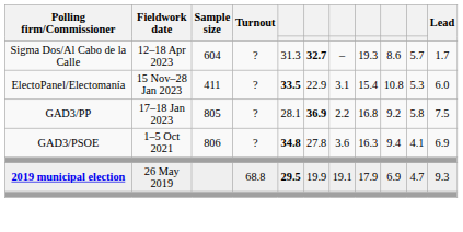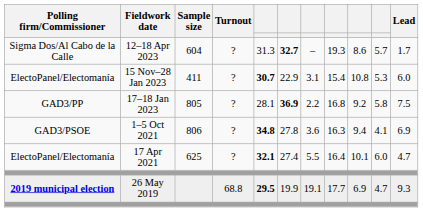 <table class="wikitable collapsible collapsed" style="text-align:center; font-size:95%; line-height:16px;">
 <tr style="height:42px;">
 <th style="width:250px;" rowspan="2">Polling firm/Commissioner</th>
 <th style="width:125px;" rowspan="2">Fieldwork date</th>
 <th style="width:50px;" rowspan="2">Sample size</th>
 <th style="width:45px;" rowspan="2">Turnout</th>
 <th style="width:35px;"></th>
 <th style="width:35px;"></th>
 <th style="width:35px;"></th>
 <th style="width:35px;"></th>
 <th style="width:35px;"></th>
 <th style="width:35px;"></th>
 <th style="width:30px;" rowspan="2">Lead</th>
 </tr>
 <tr>
 <th style="color:inherit;background:"></th>
 <th style="color:inherit;background:"></th>
 <th style="color:inherit;background:"></th>
 <th style="color:inherit;background:"></th>
 <th style="color:inherit;background:"></th>
 <th style="color:inherit;background:"></th>
 </tr>
 <tr>
 <td>Sigma Dos/Al Cabo de la Calle</td>
 <td>12–18 Apr 2023</td>
 <td>604</td>
 <td>?</td>
 <td>31.3<br></td>
 <td><strong>32.7</strong><br></td>
 <td>–</td>
 <td>19.3<br></td>
 <td>8.6<br></td>
 <td>5.7<br></td>
 <td style="background:">1.7</td>
 </tr>
 <tr>
 <td>ElectoPanel/Electomanía</td>
 <td>15 Nov–28 Jan 2023</td>
 <td>411</td>
 <td>?</td>
-<td><strong>33.5</strong><br></td>
+<td><strong>30.7</strong><br></td>
 <td>22.9<br></td>
 <td>3.1<br></td>
 <td>15.4<br></td>
 <td>10.8<br></td>
 <td>5.3<br></td>
 <td style="background:">6.0</td>
 </tr>
 <tr>
 <td>GAD3/PP</td>
 <td>17–18 Jan 2023</td>
 <td>805</td>
 <td>?</td>
 <td>28.1<br></td>
 <td><strong>36.9</strong><br></td>
 <td>2.2<br></td>
 <td>16.8<br></td>
 <td>9.2<br></td>
 <td>5.8<br></td>
 <td style="background:">7.5</td>
 </tr>
 <tr>
 <td>GAD3/PSOE</td>
 <td>1–5 Oct 2021</td>
 <td>806</td>
 <td>?</td>
 <td><strong>34.8</strong><br></td>
 <td>27.8<br></td>
 <td>3.6<br></td>
 <td>16.3<br></td>
 <td>9.4<br></td>
 <td>4.1<br></td>
 <td style="background:">6.9</td>
 </tr>
 <tr>
+<td>ElectoPanel/Electomanía</td>
+<td>17 Apr 2021</td>
+<td>625</td>
+<td>?</td>
+<td><strong>32.1</strong><br></td>
+<td>27.4<br></td>
+<td>5.5<br></td>
+<td>16.4<br></td>
+<td>10.1<br></td>
+<td>6.0<br></td>
+<td style="background:">4.7</td>
+</tr>
+<tr>
 <td colspan="11" style="background:#A0A0A0"></td>
 </tr>
 <tr style="background:#EFEFEF;">
 <td><strong><a href='#'>2019 municipal election</a></strong></td>
 <td>26 May 2019</td>
 <td></td>
 <td>68.8</td>
 <td><strong>29.5</strong><br></td>
 <td>19.9<br></td>
 <td>19.1<br></td>
-<td>17.9<br></td>
+<td>17.7<br></td>
 <td>6.9<br></td>
 <td>4.7<br></td>
 <td style="background:">9.3</td>
 </tr>
 <tr>
 <td colspan="11" style="background:#A0A0A0"></td>
 </tr>
 </table>
